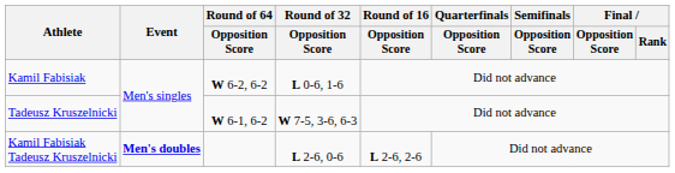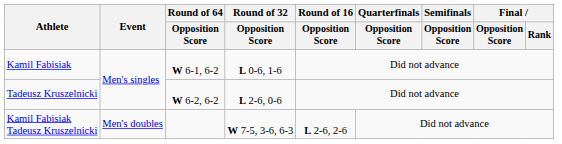 <table class=wikitable style="font-size:90%">
 <tr>
 <th rowspan="2">Athlete</th>
 <th rowspan="2">Event</th>
 <th>Round of 64</th>
 <th>Round of 32</th>
 <th>Round of 16</th>
 <th>Quarterfinals</th>
 <th>Semifinals</th>
 <th colspan=2>Final / </th>
 </tr>
 <tr style="font-size:95%">
 <th>Opposition<br>Score</th>
 <th>Opposition<br>Score</th>
 <th>Opposition<br>Score</th>
 <th>Opposition<br>Score</th>
 <th>Opposition<br>Score</th>
 <th>Opposition<br>Score</th>
 <th>Rank</th>
 </tr>
 <tr align=center>
 <td align=left><a href='#'>Kamil Fabisiak</a></td>
 <td align=left rowspan=2><a href='#'>Men's singles</a></td>
-<td><br><strong>W</strong> 6-2, 6-2</td>
+<td><br><strong>W</strong> 6-1, 6-2</td>
 <td><br><strong>L</strong> 0-6, 1-6</td>
 <td colspan=5>Did not advance</td>
 </tr>
 <tr align=center>
 <td align=left><a href='#'>Tadeusz Kruszelnicki</a></td>
-<td><br><strong>W</strong> 6-1, 6-2</td>
-<td><br><strong>W</strong> 7-5, 3-6, 6-3</td>
+<td><br><strong>W</strong> 6-2, 6-2</td>
+<td><br><strong>L</strong> 2-6, 0-6</td>
 <td colspan=5>Did not advance</td>
 </tr>
 <tr align=center>
 <td align=left><a href='#'>Kamil Fabisiak</a><br><a href='#'>Tadeusz Kruszelnicki</a></td>
-<td align=left><strong><a href='#'>Men's doubles</a></strong></td>
+<td align=left><a href='#'>Men's doubles</a></td>
 <td></td>
-<td><br><strong>L</strong> 2-6, 0-6</td>
+<td><br><strong>W</strong> 7-5, 3-6, 6-3</td>
 <td><br><strong>L</strong> 2-6, 2-6</td>
 <td colspan=4>Did not advance</td>
 </tr>
 </table>
